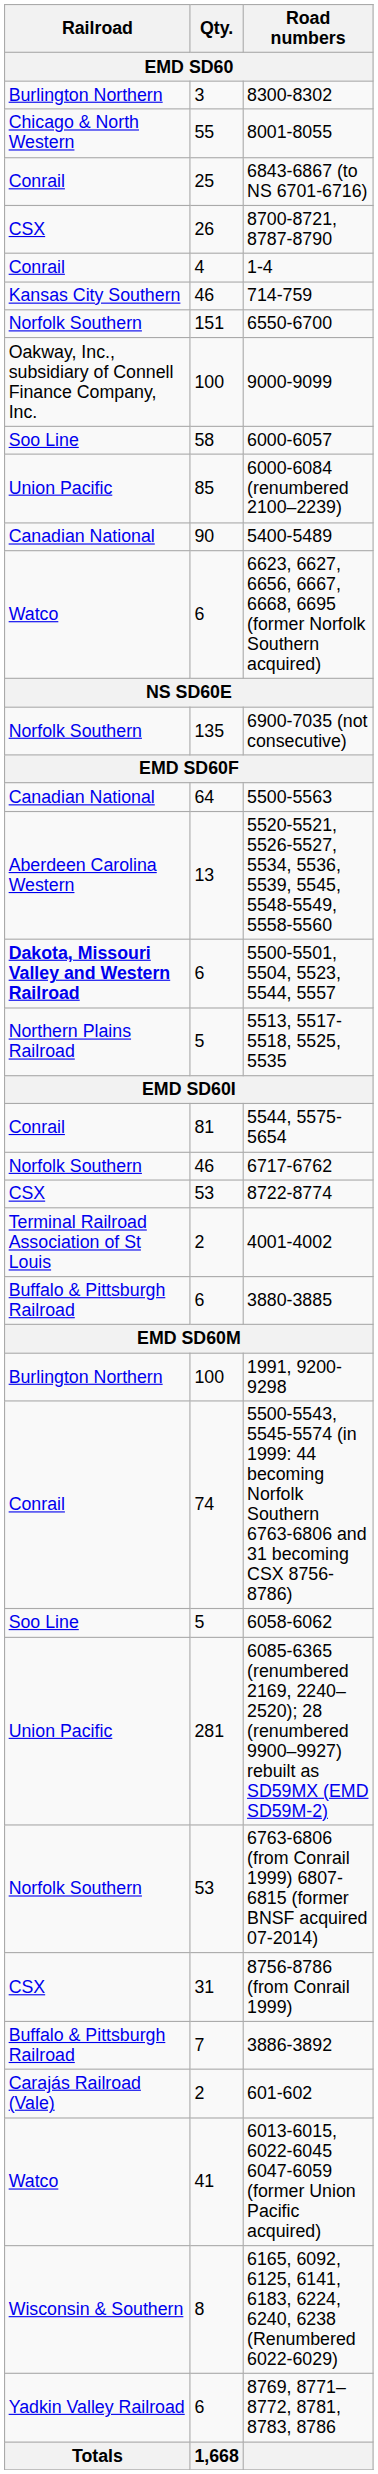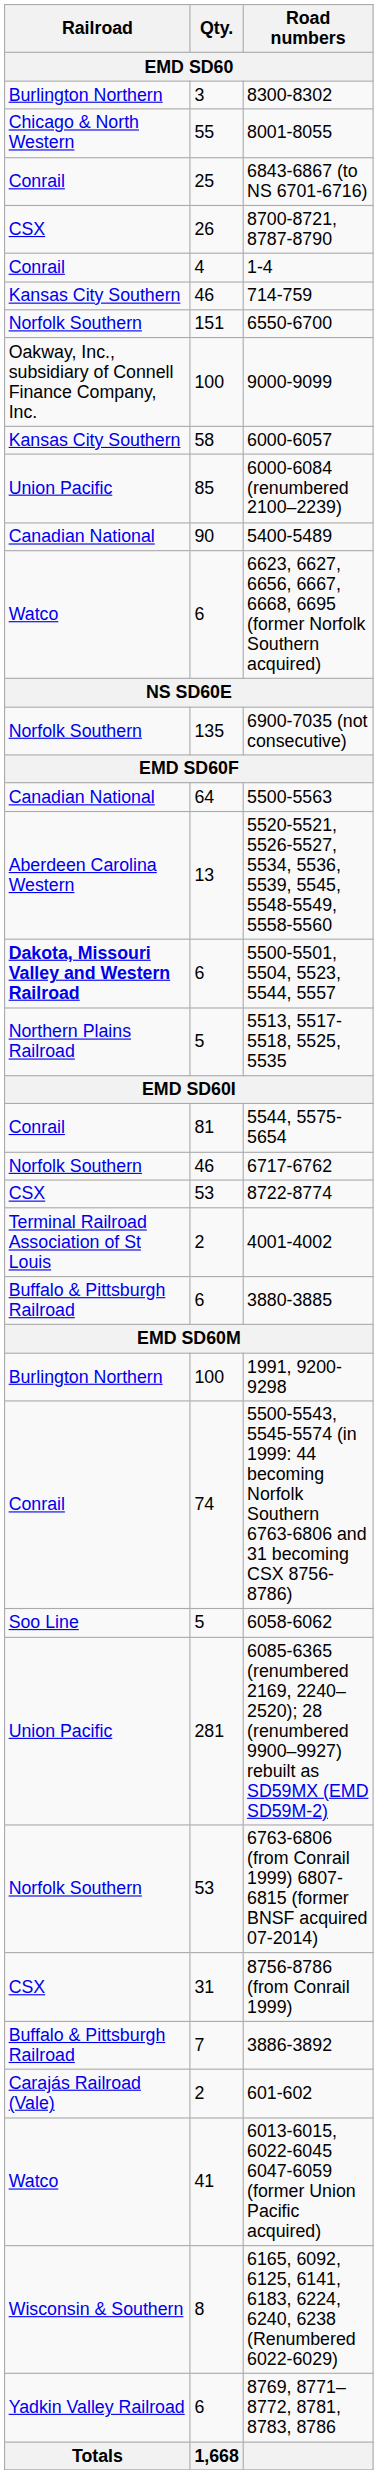 <table class="wikitable">
 <tr>
 <th style="width:160px;">Railroad</th>
 <th width="40">Qty.</th>
 <th style="width:110px;">Road numbers</th>
 </tr>
 <tr>
 <th colspan="3">EMD SD60</th>
 </tr>
 <tr>
 <td><a href='#'>Burlington Northern</a></td>
 <td>3</td>
 <td>8300-8302</td>
 </tr>
 <tr>
 <td><a href='#'>Chicago & North Western</a></td>
 <td>55</td>
 <td>8001-8055</td>
 </tr>
 <tr>
 <td><a href='#'>Conrail</a></td>
 <td>25</td>
 <td>6843-6867 (to NS 6701-6716)</td>
 </tr>
 <tr>
 <td><a href='#'>CSX</a></td>
 <td>26</td>
 <td>8700-8721, 8787-8790</td>
 </tr>
 <tr>
 <td><a href='#'>Conrail</a></td>
 <td>4</td>
 <td>1-4</td>
 </tr>
 <tr>
 <td><a href='#'>Kansas City Southern</a></td>
 <td>46</td>
 <td>714-759</td>
 </tr>
 <tr>
 <td><a href='#'>Norfolk Southern</a></td>
 <td>151</td>
 <td>6550-6700</td>
 </tr>
 <tr>
 <td>Oakway, Inc., subsidiary of Connell Finance Company, Inc.</td>
 <td>100</td>
 <td>9000-9099</td>
 </tr>
 <tr>
-<td><a href='#'>Soo Line</a></td>
+<td><a href='#'>Kansas City Southern</a></td>
 <td>58</td>
 <td>6000-6057</td>
 </tr>
 <tr>
 <td><a href='#'>Union Pacific</a></td>
 <td>85</td>
 <td>6000-6084 (renumbered 2100–2239)</td>
 </tr>
 <tr>
 <td><a href='#'>Canadian National</a></td>
 <td>90</td>
 <td>5400-5489</td>
 </tr>
 <tr>
 <td><a href='#'>Watco</a></td>
 <td>6</td>
 <td>6623, 6627, 6656, 6667, 6668, 6695 (former Norfolk Southern acquired)</td>
 </tr>
 <tr>
 <th colspan="3">NS SD60E</th>
 </tr>
 <tr>
 <td><a href='#'>Norfolk Southern</a></td>
 <td>135</td>
 <td>6900-7035 (not consecutive)</td>
 </tr>
 <tr>
 <th colspan="3">EMD SD60F</th>
 </tr>
 <tr>
 <td><a href='#'>Canadian National</a></td>
 <td>64</td>
 <td>5500-5563</td>
 </tr>
 <tr>
 <td><a href='#'>Aberdeen Carolina Western</a></td>
 <td>13</td>
 <td>5520-5521, 5526-5527, 5534, 5536, 5539, 5545, 5548-5549, 5558-5560</td>
 </tr>
 <tr>
 <td><strong><a href='#'>Dakota, Missouri Valley and Western Railroad</a></strong></td>
 <td>6</td>
 <td>5500-5501, 5504, 5523, 5544, 5557</td>
 </tr>
 <tr>
 <td><a href='#'>Northern Plains Railroad</a></td>
 <td>5</td>
 <td>5513, 5517-5518, 5525, 5535</td>
 </tr>
 <tr>
 <th colspan="3">EMD SD60I</th>
 </tr>
 <tr>
 <td><a href='#'>Conrail</a></td>
 <td>81</td>
 <td>5544, 5575-5654</td>
 </tr>
 <tr>
 <td><a href='#'>Norfolk Southern</a></td>
 <td>46</td>
 <td>6717-6762</td>
 </tr>
 <tr>
 <td><a href='#'>CSX</a></td>
 <td>53</td>
 <td>8722-8774</td>
 </tr>
 <tr>
 <td><a href='#'>Terminal Railroad Association of St Louis</a></td>
 <td>2</td>
 <td>4001-4002</td>
 </tr>
 <tr>
 <td><a href='#'>Buffalo & Pittsburgh Railroad</a></td>
 <td>6</td>
 <td>3880-3885</td>
 </tr>
 <tr>
 <th colspan="3">EMD SD60M</th>
 </tr>
 <tr>
 <td><a href='#'>Burlington Northern</a></td>
 <td>100</td>
 <td>1991, 9200-9298</td>
 </tr>
 <tr>
 <td><a href='#'>Conrail</a></td>
 <td>74</td>
 <td>5500-5543, 5545-5574 (in 1999: 44 becoming Norfolk Southern 6763-6806 and 31 becoming CSX 8756-8786)</td>
 </tr>
 <tr>
 <td><a href='#'>Soo Line</a></td>
 <td>5</td>
 <td>6058-6062</td>
 </tr>
 <tr>
 <td><a href='#'>Union Pacific</a></td>
 <td>281</td>
 <td>6085-6365 (renumbered 2169, 2240–2520); 28 (renumbered 9900–9927) rebuilt as <a href='#'>SD59MX (EMD SD59M-2)</a></td>
 </tr>
 <tr>
 <td><a href='#'>Norfolk Southern</a></td>
 <td>53</td>
 <td>6763-6806 (from Conrail 1999) 6807-6815 (former BNSF acquired 07-2014)</td>
 </tr>
 <tr>
 <td><a href='#'>CSX</a></td>
 <td>31</td>
 <td>8756-8786 (from Conrail 1999)</td>
 </tr>
 <tr>
 <td><a href='#'>Buffalo & Pittsburgh Railroad</a></td>
 <td>7</td>
 <td>3886-3892</td>
 </tr>
 <tr>
 <td><a href='#'>Carajás Railroad (Vale)</a></td>
 <td>2</td>
 <td>601-602</td>
 </tr>
 <tr>
 <td><a href='#'>Watco</a></td>
 <td>41</td>
 <td>6013-6015,<br>6022-6045 6047-6059 (former Union Pacific acquired)</td>
 </tr>
 <tr>
 <td><a href='#'>Wisconsin & Southern</a></td>
 <td>8</td>
 <td>6165, 6092, 6125, 6141, 6183, 6224, 6240, 6238 (Renumbered 6022-6029)</td>
 </tr>
 <tr>
 <td><a href='#'>Yadkin Valley Railroad</a></td>
 <td>6</td>
 <td>8769, 8771–8772, 8781, 8783, 8786</td>
 </tr>
 <tr>
 <th>Totals</th>
 <th>1,668</th>
 <th></th>
 </tr>
 </table>
